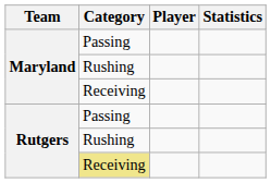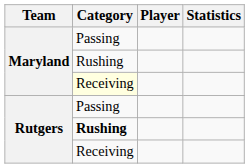 <table class="wikitable" style="float:right">
 <tr>
 <th>Team</th>
 <th>Category</th>
 <th>Player</th>
 <th>Statistics</th>
 </tr>
 <tr>
 <th rowspan=3>Maryland</th>
 <td>Passing</td>
 <td></td>
 <td></td>
 </tr>
 <tr>
 <td>Rushing</td>
 <td></td>
 <td></td>
 </tr>
 <tr>
-<td>Receiving</td>
+<td style="background: lightyellow;">Receiving</td>
 <td></td>
 <td></td>
 </tr>
 <tr>
 <th rowspan=3>Rutgers</th>
 <td>Passing</td>
 <td></td>
 <td></td>
 </tr>
 <tr>
-<td>Rushing</td>
+<td><strong>Rushing</strong></td>
 <td></td>
 <td></td>
 </tr>
 <tr>
-<td style="background: khaki;">Receiving</td>
+<td>Receiving</td>
 <td></td>
 <td></td>
 </tr>
 </table>
